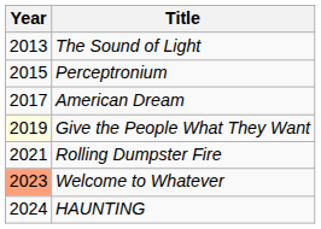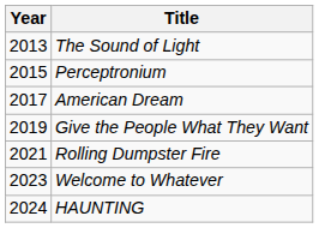 <table class="wikitable">
 <tr>
 <th>Year</th>
 <th>Title</th>
 </tr>
 <tr>
 <td>2013</td>
 <td><em>The Sound of Light</em></td>
 </tr>
 <tr>
 <td>2015</td>
 <td><em>Perceptronium</em></td>
 </tr>
 <tr>
 <td>2017</td>
 <td><em>American Dream</em></td>
 </tr>
 <tr>
-<td style="background: lightyellow;">2019</td>
+<td>2019</td>
 <td><em>Give the People What They Want</em></td>
 </tr>
 <tr>
 <td>2021</td>
 <td><em>Rolling Dumpster Fire</em></td>
 </tr>
 <tr>
-<td style="background: lightsalmon;">2023</td>
+<td>2023</td>
 <td><em>Welcome to Whatever</em></td>
 </tr>
 <tr>
 <td>2024</td>
 <td><em>HAUNTING</em></td>
 </tr>
 </table>
